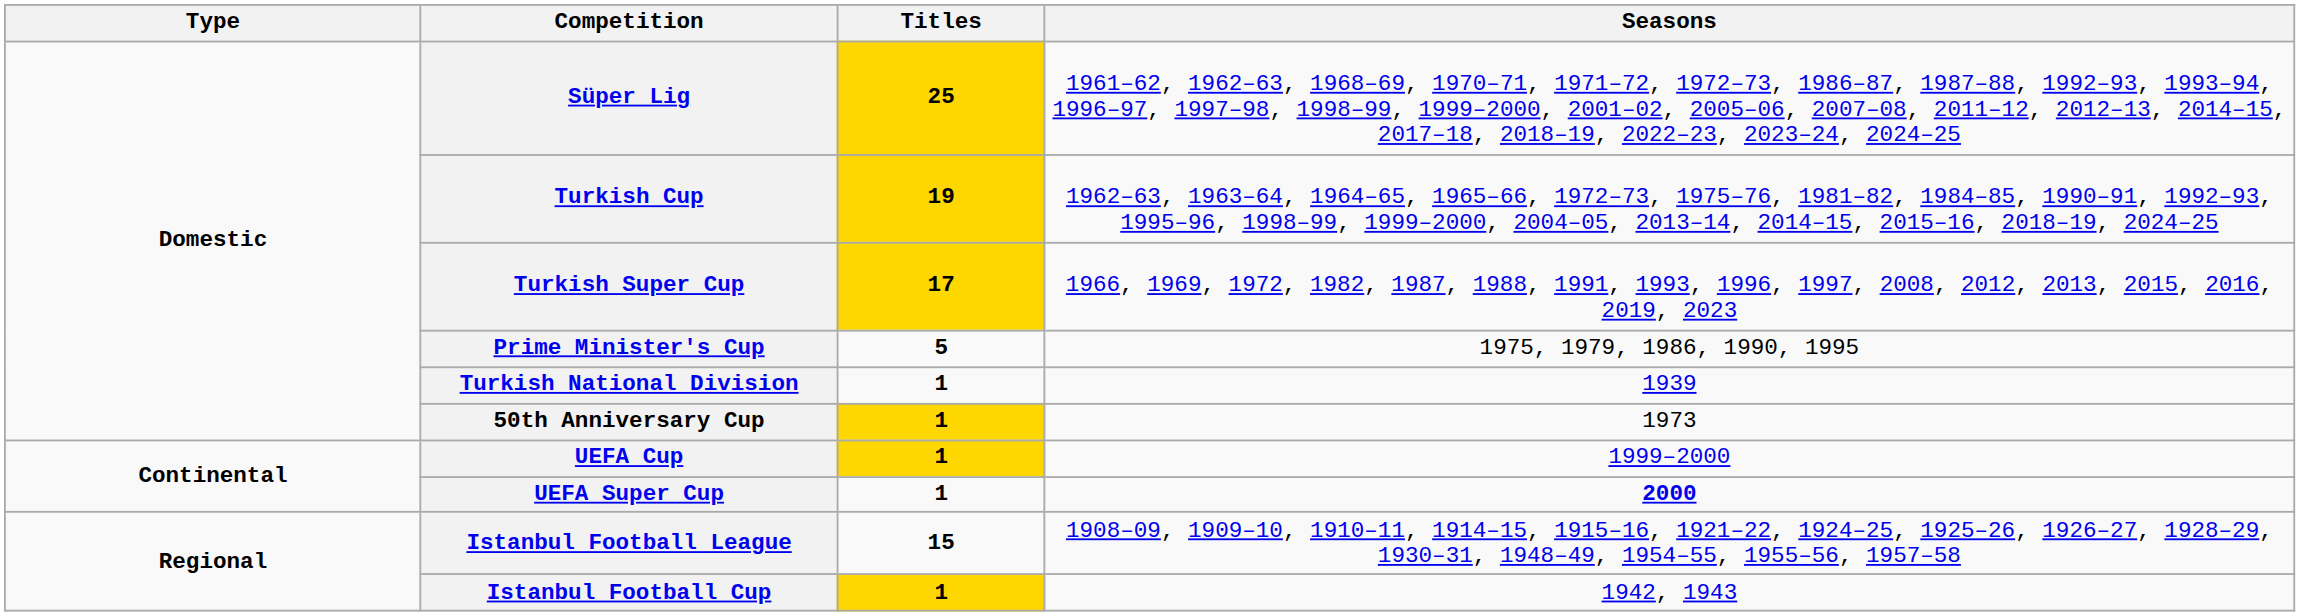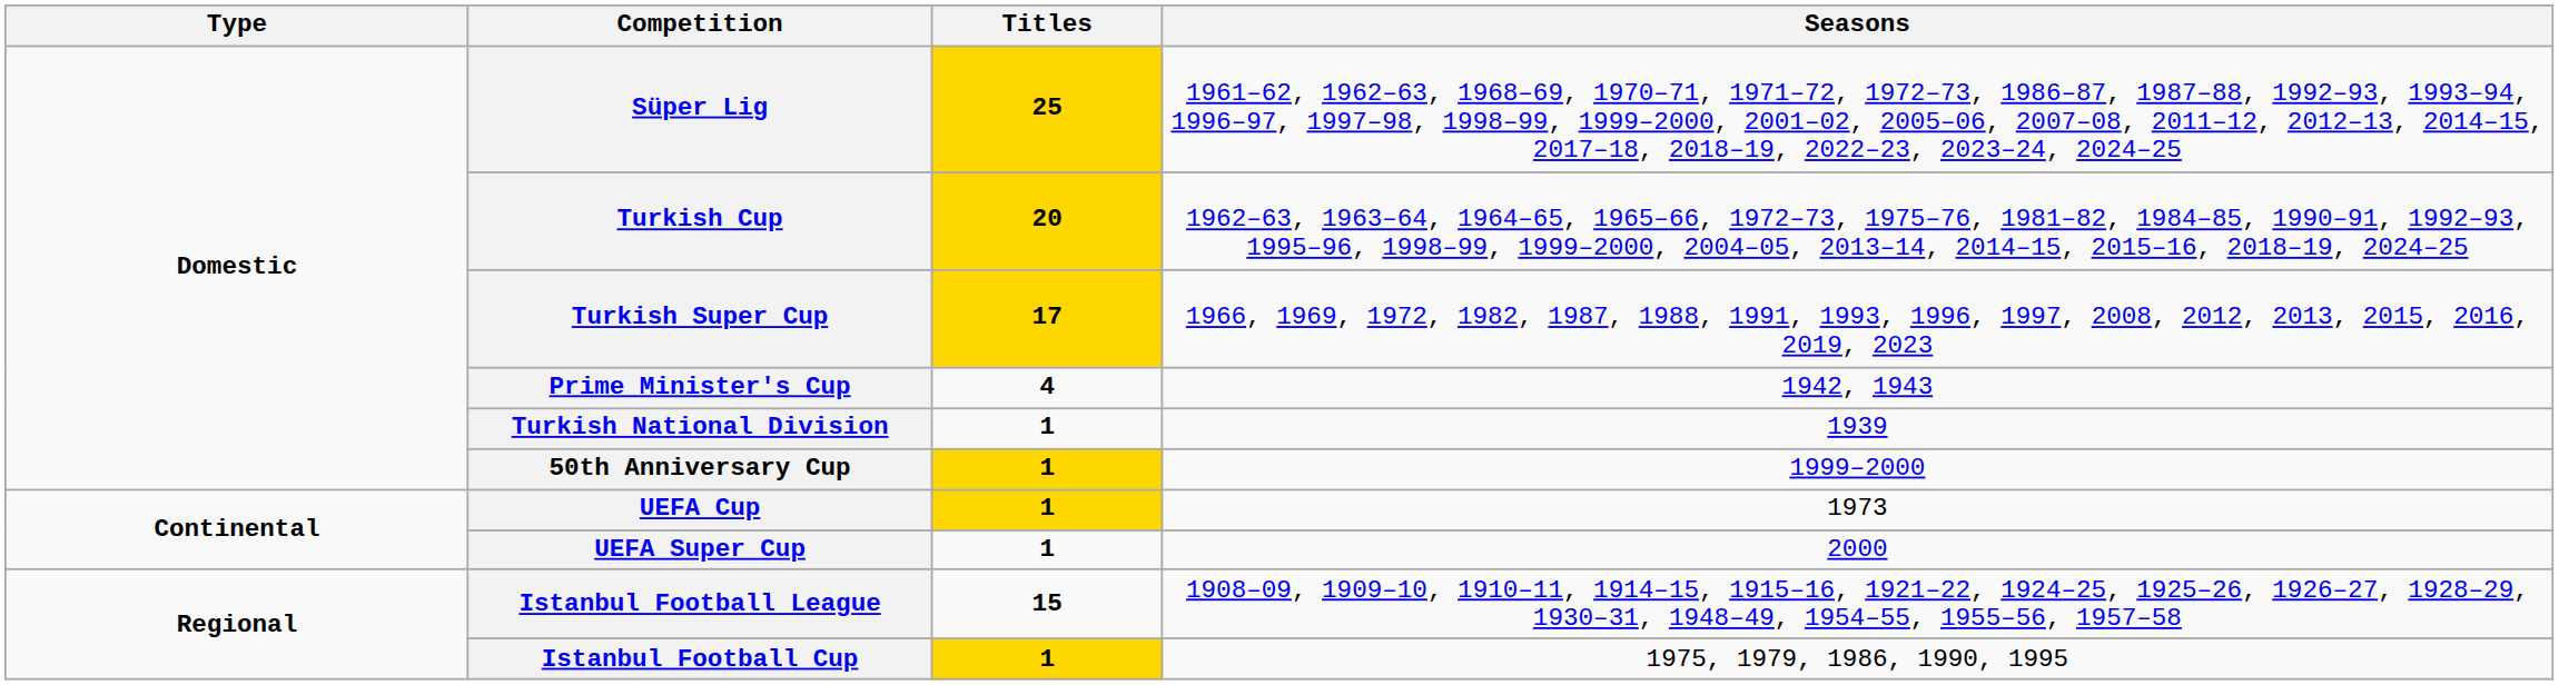 <table class="wikitable plainrowheaders" style="font-size:95%; text-align:center;">
 <tr>
 <th style="width: 10%;">Type</th>
 <th style="width: 10%;">Competition</th>
 <th style="width: 5%;">Titles</th>
 <th style="width: 30%;">Seasons</th>
 </tr>
 <tr>
 <td rowspan="6"><strong>Domestic</strong></td>
 <th scope=col><a href='#'>Süper Lig</a></th>
 <td scope=col style="background-color: gold"><strong>25</strong></td>
 <td><br><a href='#'>1961–62</a>,  <a href='#'>1962–63</a>, <a href='#'>1968–69</a>, <a href='#'>1970–71</a>, <a href='#'>1971–72</a>, <a href='#'>1972–73</a>, <a href='#'>1986–87</a>, <a href='#'>1987–88</a>, <a href='#'>1992–93</a>, <a href='#'>1993–94</a>,  <a href='#'>1996–97</a>, <a href='#'>1997–98</a>, <a href='#'>1998–99</a>, <a href='#'>1999–2000</a>, <a href='#'>2001–02</a>, <a href='#'>2005–06</a>, <a href='#'>2007–08</a>, <a href='#'>2011–12</a>, <a href='#'>2012–13</a>, <a href='#'>2014–15</a>, <a href='#'>2017–18</a>, <a href='#'>2018–19</a>, <a href='#'>2022–23</a>, <a href='#'>2023–24</a>, <a href='#'>2024–25</a></td>
 </tr>
 <tr>
 <th scope=col><a href='#'>Turkish Cup</a></th>
-<td scope=col style="background-color: gold"><strong>19</strong></td>
+<td scope=col style="background-color: gold"><strong>20</strong></td>
 <td><br><a href='#'>1962–63</a>,  <a href='#'>1963–64</a>,  <a href='#'>1964–65</a>,  <a href='#'>1965–66</a>,  <a href='#'>1972–73</a>,  <a href='#'>1975–76</a>, <a href='#'>1981–82</a>,  <a href='#'>1984–85</a>,  <a href='#'>1990–91</a>,  <a href='#'>1992–93</a>,  <a href='#'>1995–96</a>,  <a href='#'>1998–99</a>,  <a href='#'>1999–2000</a>,  <a href='#'>2004–05</a>,  <a href='#'>2013–14</a>,  <a href='#'>2014–15</a>,  <a href='#'>2015–16</a>,  <a href='#'>2018–19</a>, <a href='#'>2024–25</a></td>
 </tr>
 <tr>
 <th scope=col><a href='#'>Turkish Super Cup</a></th>
 <td scope=col style="background-color: gold"><strong>17</strong></td>
 <td><br><a href='#'>1966</a>,  <a href='#'>1969</a>,  <a href='#'>1972</a>,  <a href='#'>1982</a>,  <a href='#'>1987</a>,  <a href='#'>1988</a>,  <a href='#'>1991</a>,  <a href='#'>1993</a>,  <a href='#'>1996</a>,  <a href='#'>1997</a>,  <a href='#'>2008</a>,  <a href='#'>2012</a>,  <a href='#'>2013</a>,  <a href='#'>2015</a>,  <a href='#'>2016</a>,  <a href='#'>2019</a>,  <a href='#'>2023</a></td>
 </tr>
 <tr>
 <th><a href='#'>Prime Minister's Cup</a></th>
-<td><strong>5</strong></td>
-<td>1975, 1979, 1986, 1990, 1995</td>
+<td><strong>4</strong></td>
+<td><a href='#'>1942</a>, <a href='#'>1943</a></td>
 </tr>
 <tr>
 <th><a href='#'>Turkish National Division</a></th>
 <td><strong>1</strong></td>
 <td><a href='#'>1939</a></td>
 </tr>
 <tr>
 <th>50th Anniversary Cup</th>
 <td scope=col style="background-color: gold"><strong>1</strong></td>
-<td>1973</td>
+<td><a href='#'>1999–2000</a></td>
 </tr>
 <tr>
 <td rowspan="2"><strong>Continental</strong></td>
 <th scope="col"><a href='#'>UEFA Cup</a></th>
 <td style="background: gold;"><strong>1</strong></td>
-<td><a href='#'>1999–2000</a></td>
+<td>1973</td>
 </tr>
 <tr>
 <th scope="col"><a href='#'>UEFA Super Cup</a></th>
 <td><strong>1</strong></td>
-<td><strong><a href='#'>2000</a></strong></td>
+<td><a href='#'>2000</a></td>
 </tr>
 <tr>
 <td rowspan="2"><strong>Regional</strong></td>
 <th><a href='#'>Istanbul Football League</a></th>
 <td><strong>15</strong></td>
 <td><a href='#'>1908–09</a>, <a href='#'>1909–10</a>, <a href='#'>1910–11</a>, <a href='#'>1914–15</a>, <a href='#'>1915–16</a>, <a href='#'>1921–22</a>, <a href='#'>1924–25</a>, <a href='#'>1925–26</a>, <a href='#'>1926–27</a>, <a href='#'>1928–29</a>, <a href='#'>1930–31</a>, <a href='#'>1948–49</a>, <a href='#'>1954–55</a>, <a href='#'>1955–56</a>, <a href='#'>1957–58</a></td>
 </tr>
 <tr>
 <th><a href='#'>Istanbul Football Cup</a></th>
 <td scope=col style="background-color: gold"><strong>1</strong></td>
-<td><a href='#'>1942</a>, <a href='#'>1943</a></td>
+<td>1975, 1979, 1986, 1990, 1995</td>
 </tr>
 </table>
